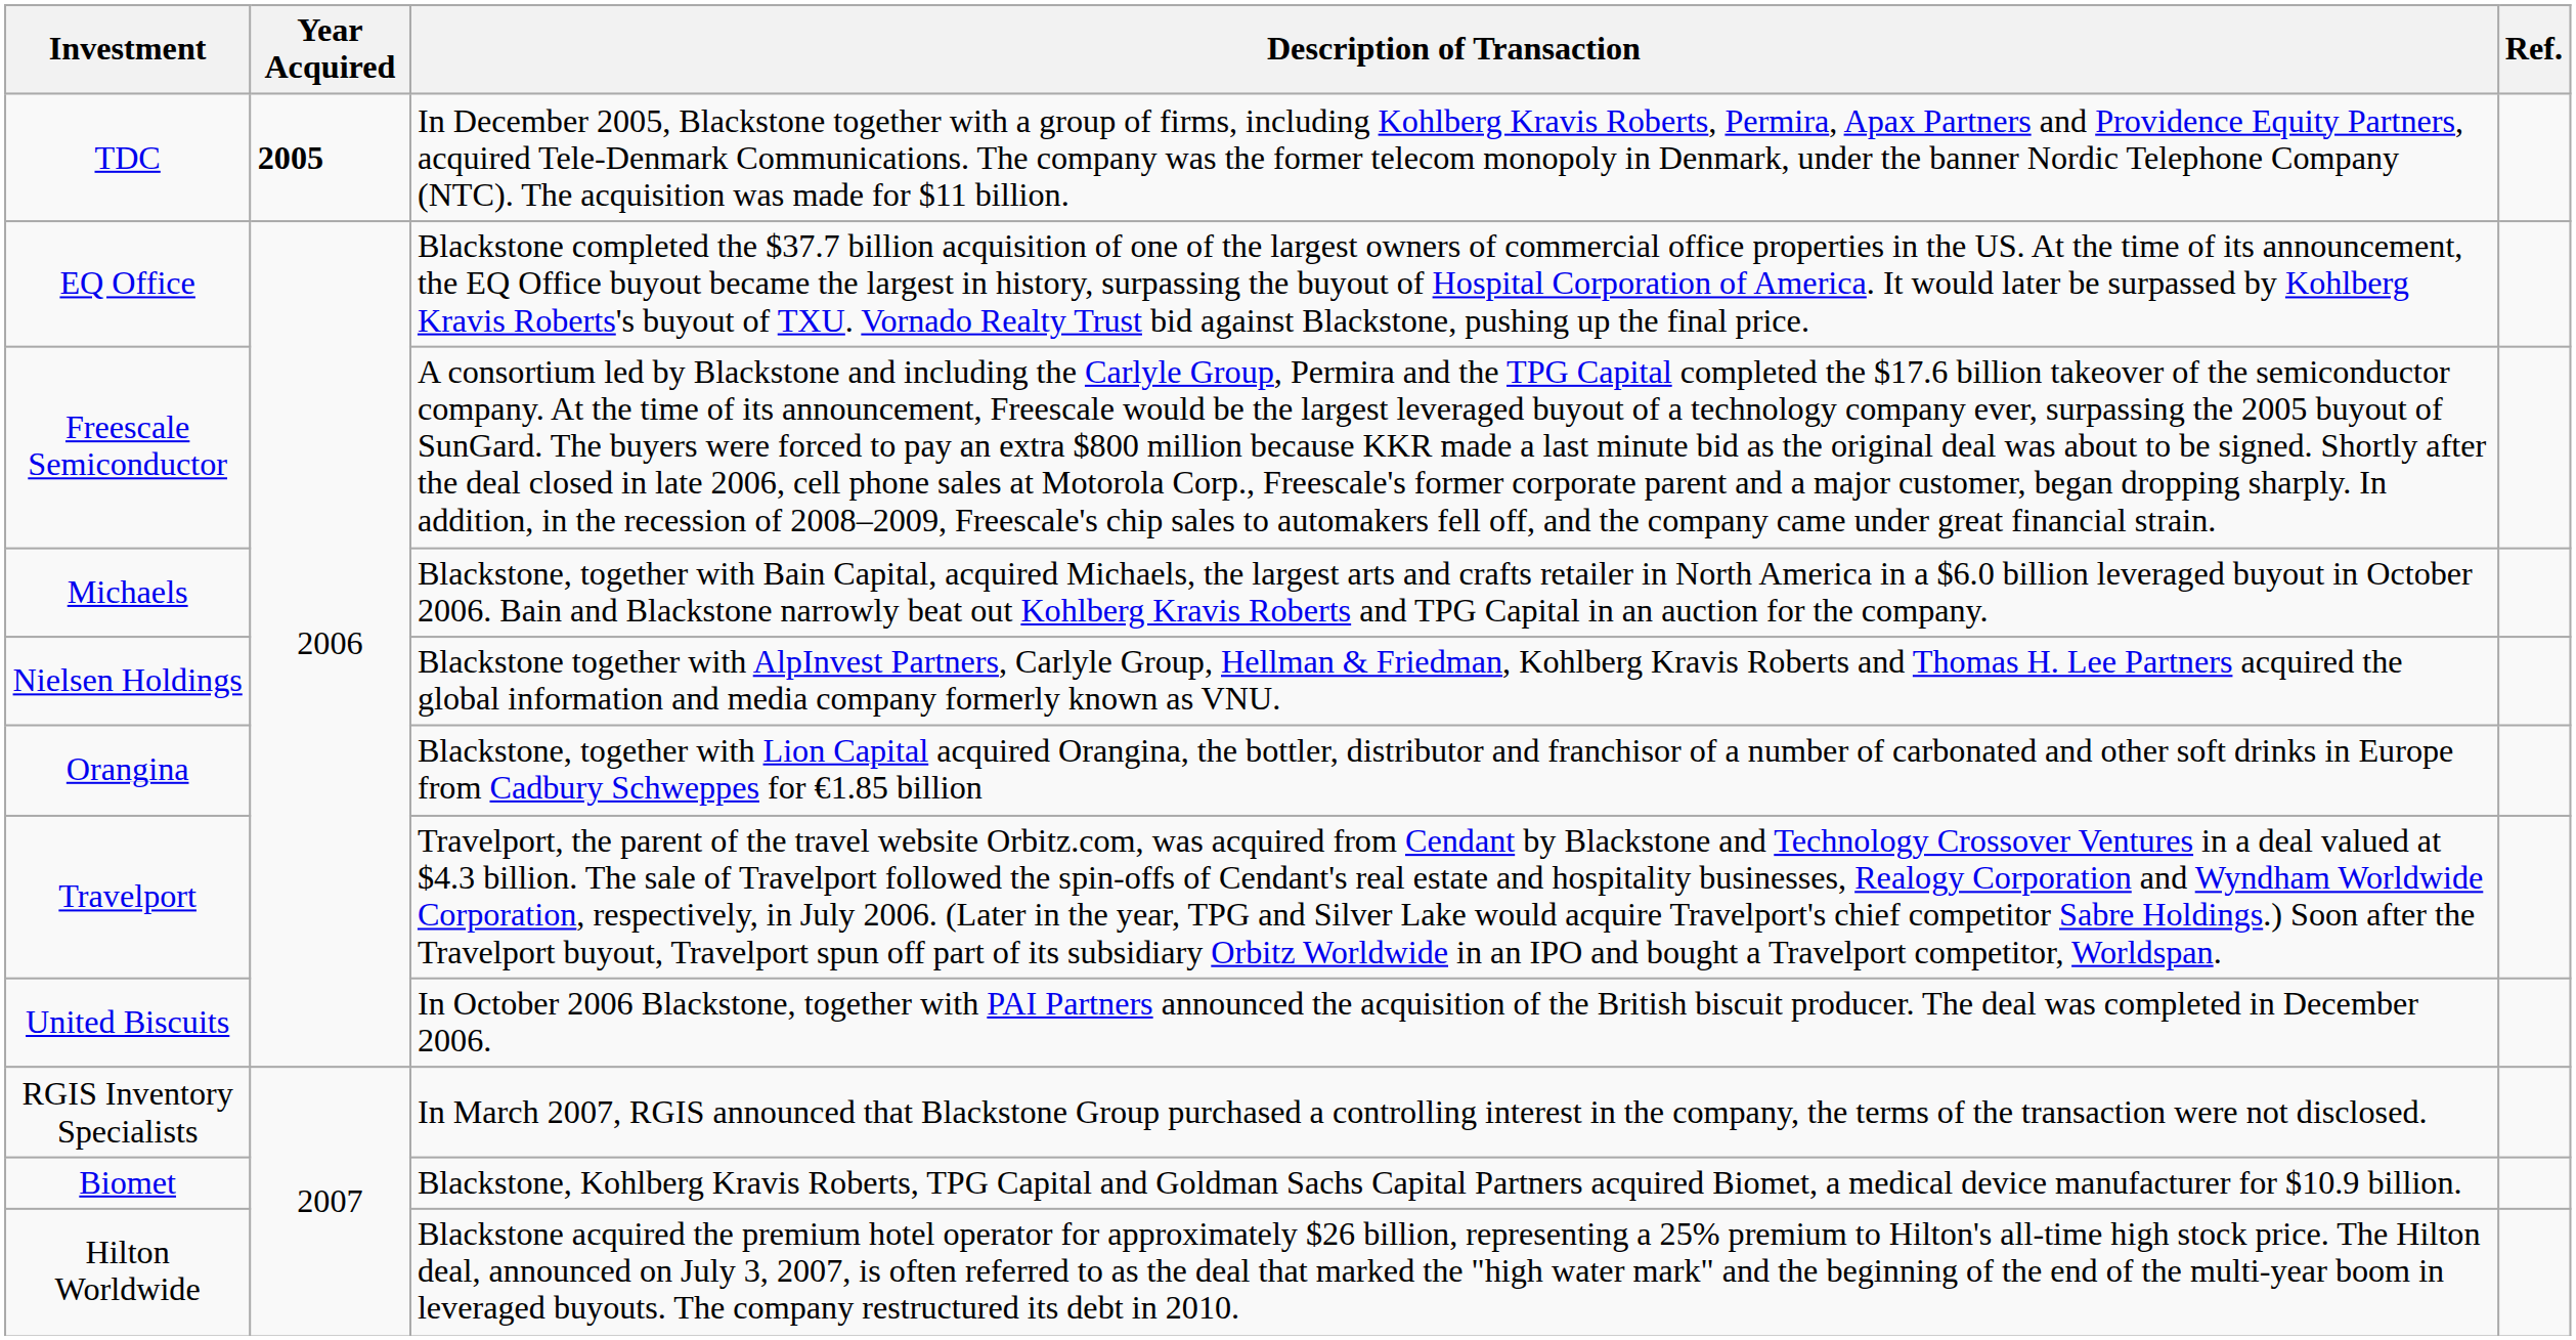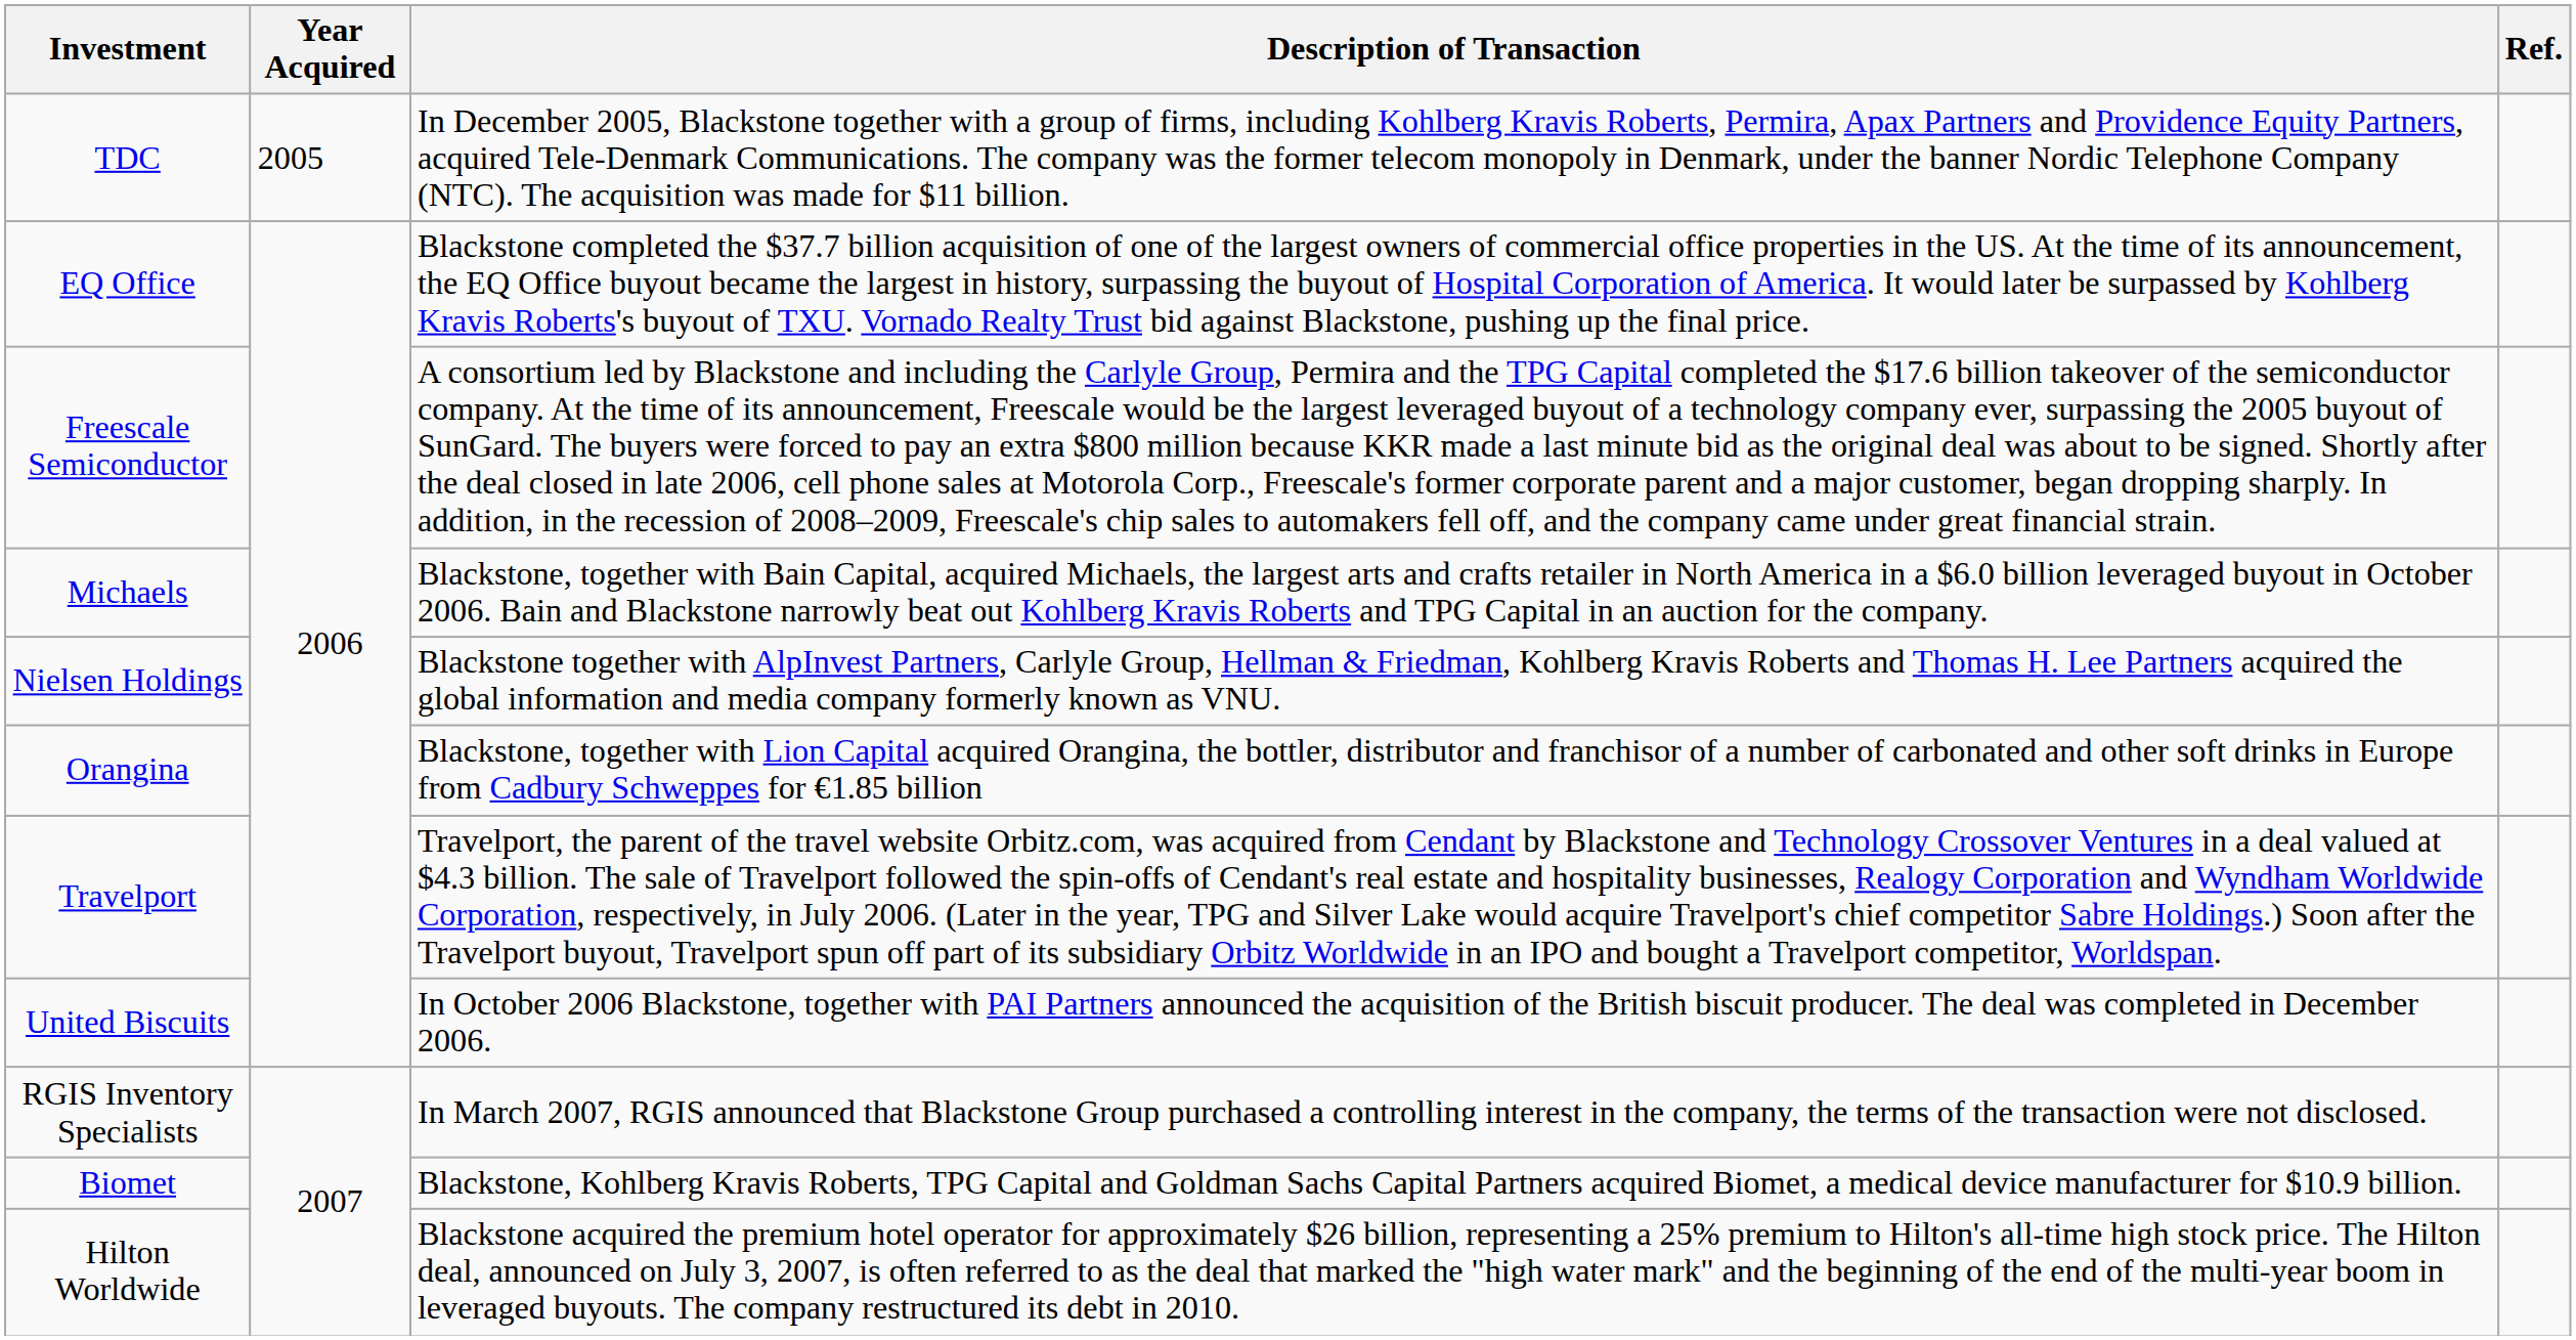 <table class="wikitable">
 <tr>
 <th>Investment</th>
 <th>Year Acquired</th>
 <th>Description of Transaction</th>
 <th>Ref.</th>
 </tr>
 <tr>
 <td style="text-align:center;"><a href='#'>TDC</a></td>
-<td><strong>2005</strong></td>
+<td>2005</td>
 <td>In December 2005, Blackstone together with a group of firms, including <a href='#'>Kohlberg Kravis Roberts</a>, <a href='#'>Permira</a>, <a href='#'>Apax Partners</a> and <a href='#'>Providence Equity Partners</a>, acquired Tele-Denmark Communications. The company was the former telecom monopoly in Denmark, under the banner Nordic Telephone Company (NTC). The acquisition was made for $11 billion.</td>
 <td style="text-align:center;"></td>
 </tr>
 <tr>
 <td style="text-align:center;"><a href='#'>EQ Office</a></td>
 <td rowspan="7" style="text-align:center;">2006</td>
 <td>Blackstone completed the $37.7 billion acquisition of one of the largest owners of commercial office properties in the US. At the time of its announcement, the EQ Office buyout became the largest in history, surpassing the buyout of <a href='#'>Hospital Corporation of America</a>. It would later be surpassed by <a href='#'>Kohlberg Kravis Roberts</a>'s buyout of <a href='#'>TXU</a>. <a href='#'>Vornado Realty Trust</a> bid against Blackstone, pushing up the final price.</td>
 <td style="text-align:center;"></td>
 </tr>
 <tr>
 <td style="text-align:center;"><a href='#'>Freescale Semiconductor</a></td>
 <td>A consortium led by Blackstone and including the <a href='#'>Carlyle Group</a>, Permira and the <a href='#'>TPG Capital</a> completed the $17.6 billion takeover of the semiconductor company. At the time of its announcement, Freescale would be the largest leveraged buyout of a technology company ever, surpassing the 2005 buyout of SunGard. The buyers were forced to pay an extra $800 million because KKR made a last minute bid as the original deal was about to be signed. Shortly after the deal closed in late 2006, cell phone sales at Motorola Corp., Freescale's former corporate parent and a major customer, began dropping sharply. In addition, in the recession of 2008–2009, Freescale's chip sales to automakers fell off, and the company came under great financial strain.</td>
 <td style="text-align:center;"></td>
 </tr>
 <tr>
 <td style="text-align:center;"><a href='#'>Michaels</a></td>
 <td>Blackstone, together with Bain Capital, acquired Michaels, the largest arts and crafts retailer in North America in a $6.0 billion leveraged buyout in October 2006. Bain and Blackstone narrowly beat out <a href='#'>Kohlberg Kravis Roberts</a> and TPG Capital in an auction for the company.</td>
 <td style="text-align:center;"></td>
 </tr>
 <tr>
 <td style="text-align:center;"><a href='#'>Nielsen Holdings</a></td>
 <td>Blackstone together with <a href='#'>AlpInvest Partners</a>, Carlyle Group, <a href='#'>Hellman & Friedman</a>, Kohlberg Kravis Roberts and <a href='#'>Thomas H. Lee Partners</a> acquired the global information and media company formerly known as VNU.</td>
 <td></td>
 </tr>
 <tr>
 <td style="text-align:center;"><a href='#'>Orangina</a></td>
 <td>Blackstone, together with <a href='#'>Lion Capital</a> acquired Orangina, the bottler, distributor and franchisor of a number of carbonated and other soft drinks in Europe from <a href='#'>Cadbury Schweppes</a> for €1.85 billion</td>
 <td style="text-align:center;"></td>
 </tr>
 <tr>
 <td style="text-align:center;"><a href='#'>Travelport</a></td>
 <td>Travelport, the parent of the travel website Orbitz.com, was acquired from <a href='#'>Cendant</a> by Blackstone and <a href='#'>Technology Crossover Ventures</a> in a deal valued at $4.3 billion. The sale of Travelport followed the spin-offs of Cendant's real estate and hospitality businesses, <a href='#'>Realogy Corporation</a> and <a href='#'>Wyndham Worldwide Corporation</a>, respectively, in July 2006. (Later in the year, TPG and Silver Lake would acquire Travelport's chief competitor <a href='#'>Sabre Holdings</a>.) Soon after the Travelport buyout, Travelport spun off part of its subsidiary <a href='#'>Orbitz Worldwide</a> in an IPO and bought a Travelport competitor, <a href='#'>Worldspan</a>.</td>
 <td style="text-align:center;"></td>
 </tr>
 <tr>
 <td style="text-align:center;"><a href='#'>United Biscuits</a></td>
 <td>In October 2006 Blackstone, together with <a href='#'>PAI Partners</a> announced the acquisition of the British biscuit producer. The deal was completed in December 2006.</td>
 <td style="text-align:center;"></td>
 </tr>
 <tr>
 <td style="text-align:center;">RGIS Inventory Specialists</td>
 <td rowspan="3" style="text-align:center;">2007</td>
 <td>In March 2007, RGIS announced that Blackstone Group purchased a controlling interest in the company, the terms of the transaction were not disclosed.</td>
 <td style="text-align:center;"></td>
 </tr>
 <tr>
 <td style="text-align:center;"><a href='#'>Biomet</a></td>
 <td>Blackstone, Kohlberg Kravis Roberts, TPG Capital and Goldman Sachs Capital Partners acquired Biomet, a medical device manufacturer for $10.9 billion.</td>
 <td style="text-align:center;"></td>
 </tr>
 <tr>
 <td style="text-align:center;">Hilton Worldwide</td>
 <td>Blackstone acquired the premium hotel operator for approximately $26 billion, representing a 25% premium to Hilton's all-time high stock price. The Hilton deal, announced on July 3, 2007, is often referred to as the deal that marked the "high water mark" and the beginning of the end of the multi-year boom in leveraged buyouts. The company restructured its debt in 2010.</td>
 <td style="text-align:center;"></td>
 </tr>
 </table>
